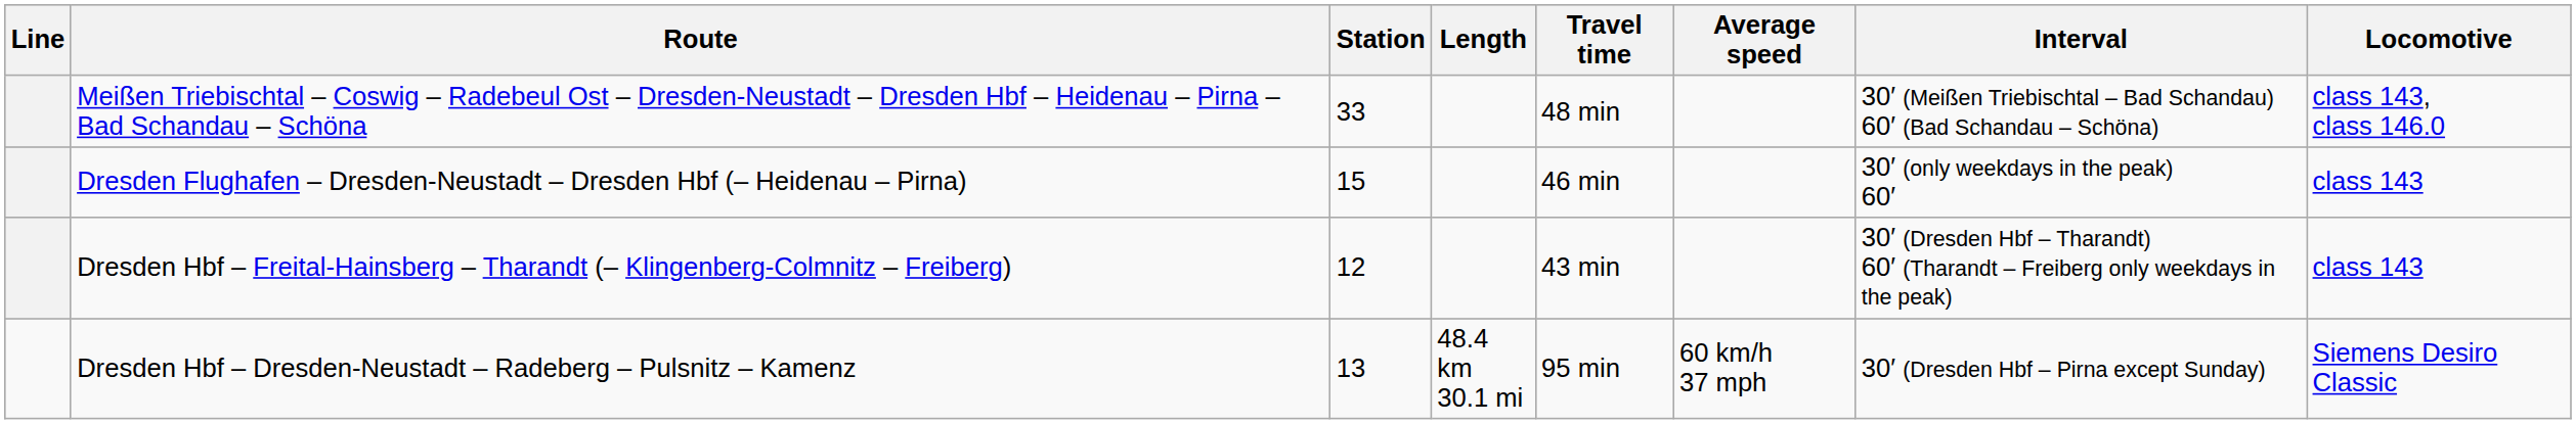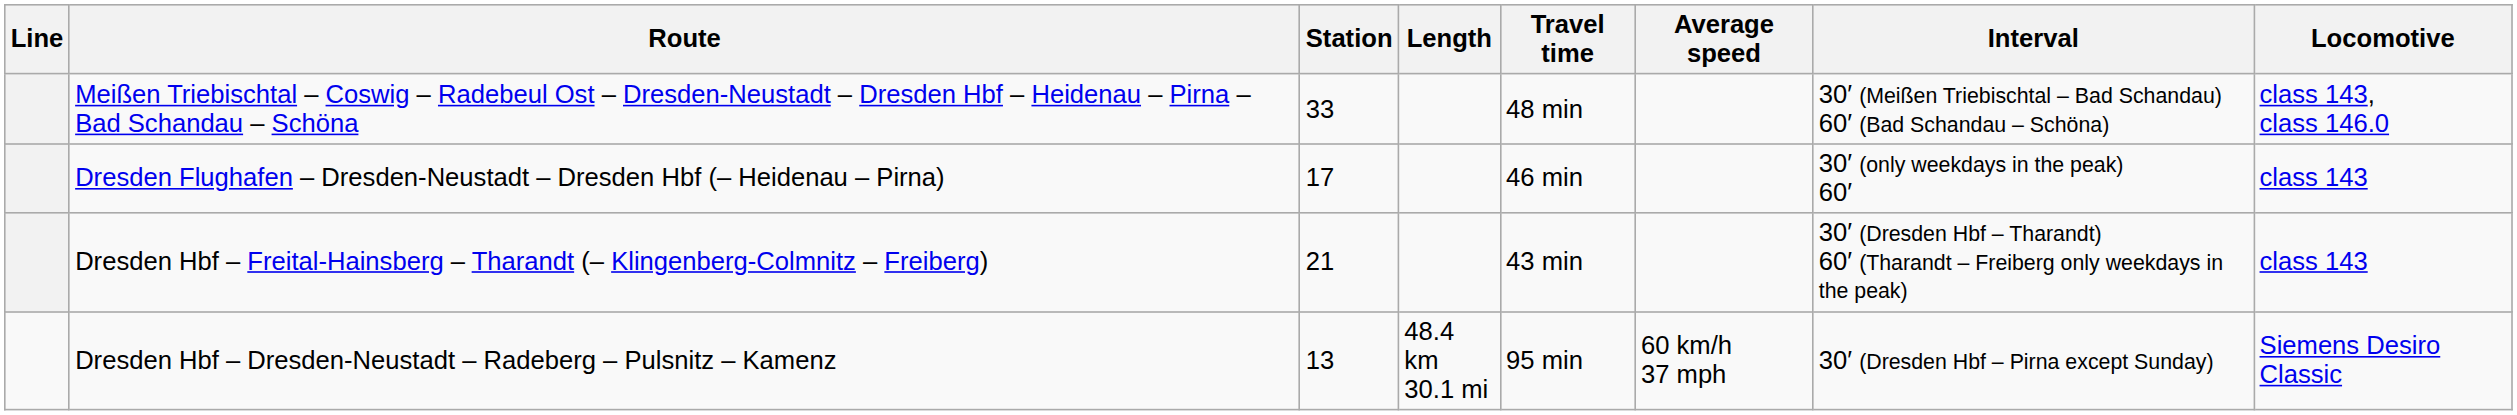 <table class="wikitable">
 <tr>
 <th>Line</th>
 <th>Route</th>
 <th>Station</th>
 <th>Length</th>
 <th>Travel time</th>
 <th>Average speed</th>
 <th>Interval</th>
 <th>Locomotive</th>
 </tr>
 <tr>
 <th></th>
 <td><a href='#'>Meißen Triebischtal</a> – <a href='#'>Coswig</a> – <a href='#'>Radebeul Ost</a> – <a href='#'>Dresden-Neustadt</a> – <a href='#'>Dresden Hbf</a> – <a href='#'>Heidenau</a> – <a href='#'>Pirna</a> – <a href='#'>Bad Schandau</a> – <a href='#'>Schöna</a></td>
 <td>33</td>
 <td></td>
 <td>48 min</td>
 <td></td>
 <td>30′ <small>(Meißen Triebischtal – Bad Schandau)</small><br>60′ <small>(Bad Schandau – Schöna)</small></td>
 <td><a href='#'>class 143</a>,<br> <a href='#'>class 146.0</a></td>
 </tr>
 <tr>
 <th></th>
 <td><a href='#'>Dresden Flughafen</a> – Dresden-Neustadt – Dresden Hbf (– Heidenau – Pirna)</td>
-<td>15</td>
+<td>17</td>
 <td></td>
 <td>46 min</td>
 <td></td>
 <td>30′ <small>(only weekdays in the peak)</small><br>60′</td>
 <td><a href='#'>class 143</a></td>
 </tr>
 <tr>
 <th></th>
 <td>Dresden Hbf – <a href='#'>Freital-Hainsberg</a> – <a href='#'>Tharandt</a> (– <a href='#'>Klingenberg-Colmnitz</a> – <a href='#'>Freiberg</a>)</td>
-<td>12</td>
+<td>21</td>
 <td></td>
 <td>43 min</td>
 <td></td>
 <td>30′ <small>(Dresden Hbf – Tharandt)</small><br>60′ <small>(Tharandt – Freiberg only weekdays in the peak)</small></td>
 <td><a href='#'>class 143</a></td>
 </tr>
 <tr>
 <td></td>
 <td>Dresden Hbf – Dresden-Neustadt – Radeberg – Pulsnitz – Kamenz</td>
 <td>13</td>
 <td>48.4 km<br>30.1 mi</td>
 <td>95 min</td>
 <td>60 km/h<br>37 mph</td>
 <td>30′ <small>(Dresden Hbf – Pirna except Sunday)</small></td>
 <td><a href='#'>Siemens Desiro Classic</a></td>
 </tr>
 </table>
